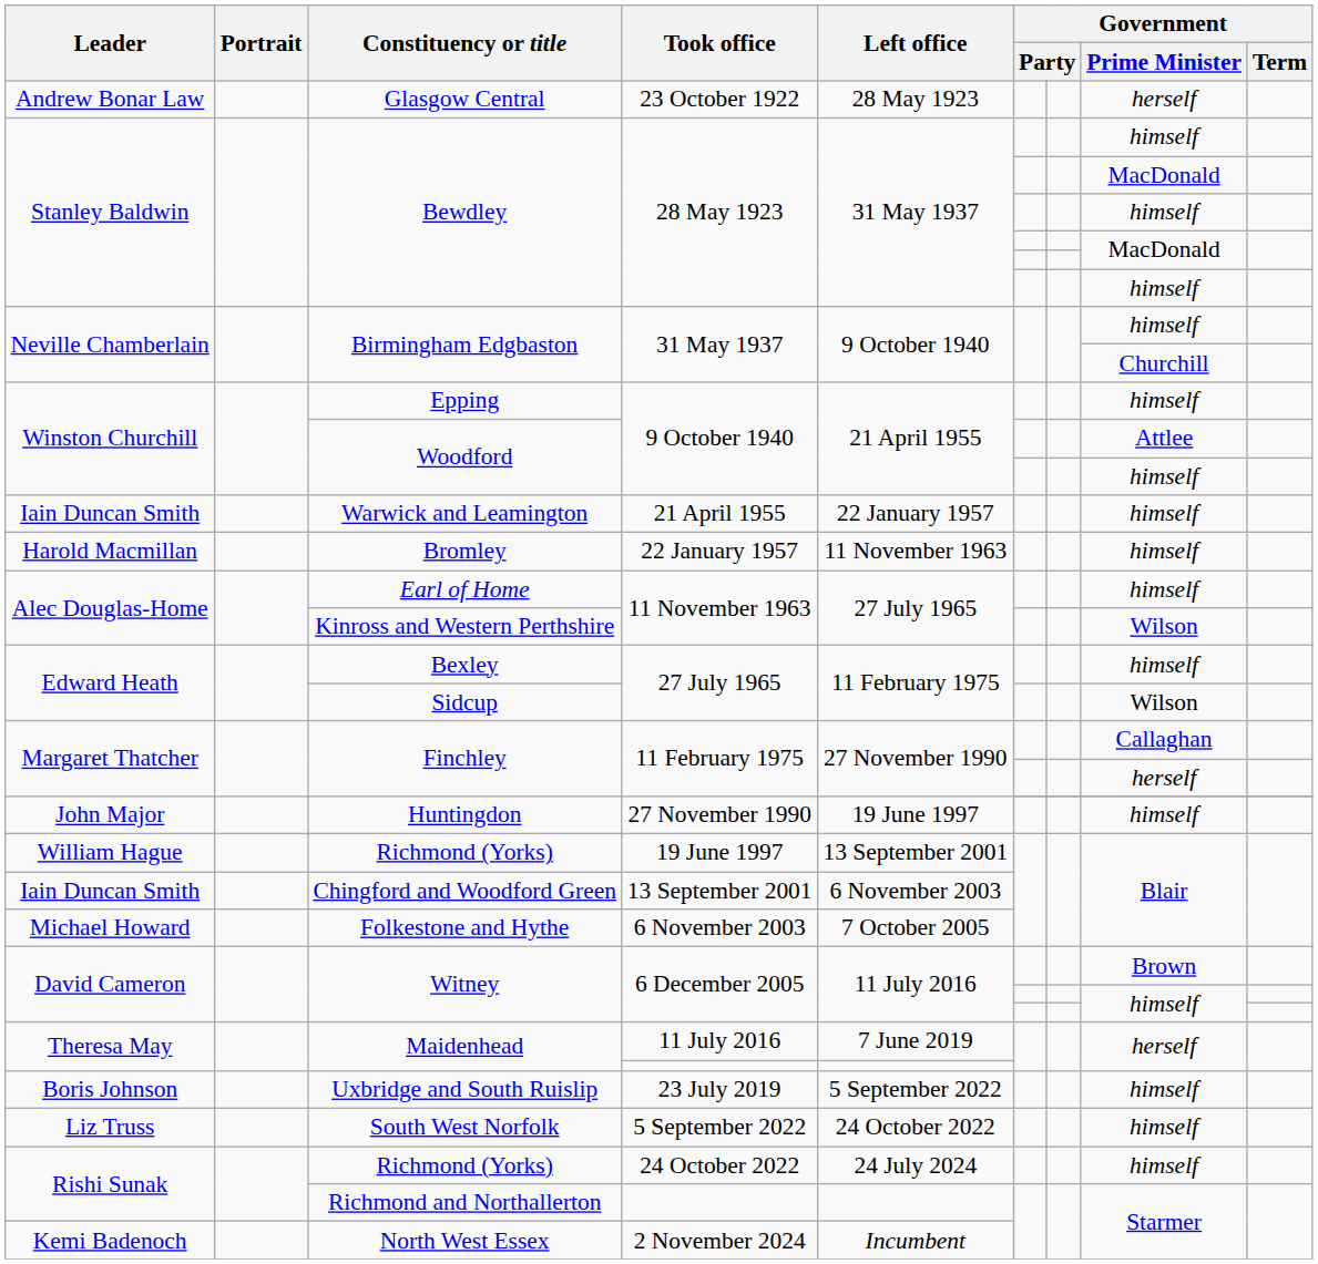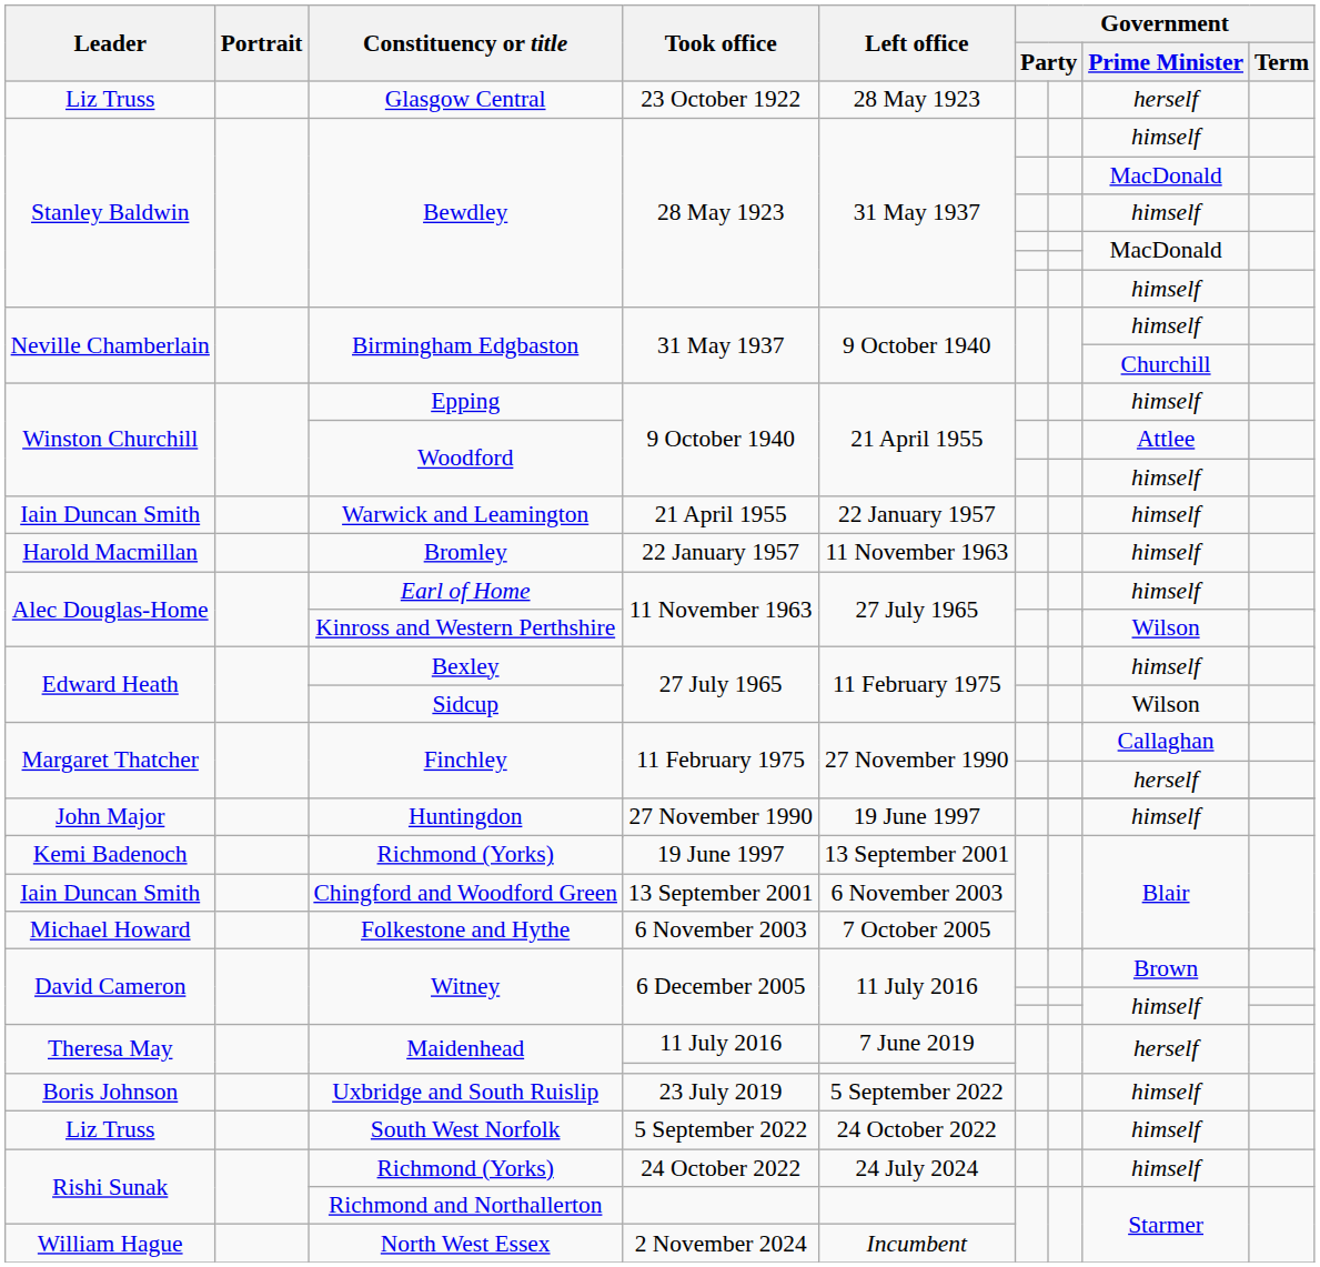 <table class="wikitable" style="text-align:center">
 <tr>
 <th rowspan="2">Leader<br></th>
 <th rowspan="2" class="unsortable">Portrait</th>
 <th rowspan="2">Constituency or <em>title</em></th>
 <th rowspan="2">Took office</th>
 <th rowspan="2">Left office</th>
 <th colspan="4">Government</th>
 </tr>
 <tr>
 <th colspan="2">Party</th>
 <th><a href='#'>Prime Minister</a></th>
 <th>Term</th>
 </tr>
 <tr>
-<td data-sort-value="Law"><a href='#'>Andrew Bonar Law</a> </td>
+<td><a href='#'>Liz Truss</a> </td>
 <td></td>
 <td data-sort-value="Glasgow"><a href='#'>Glasgow Central</a></td>
 <td>23 October 1922 </td>
 <td>28 May 1923</td>
 <td style="background-color: "></td>
 <td><a href='#'></a></td>
 <td><em>herself</em></td>
 <td></td>
 </tr>
 <tr>
 <td rowspan="6"><a href='#'>Stanley Baldwin</a> </td>
 <td rowspan="6"></td>
 <td rowspan="6"><a href='#'>Bewdley</a></td>
 <td rowspan="6">28 May 1923 </td>
 <td rowspan="6">31 May 1937</td>
 <td style="background-color: "></td>
 <td><a href='#'></a></td>
 <td><em>himself</em></td>
 <td></td>
 </tr>
 <tr>
 <td style="background-color: "></td>
 <td><a href='#'></a></td>
 <td><a href='#'>MacDonald</a></td>
 <td></td>
 </tr>
 <tr>
 <td style="background-color: "></td>
 <td><a href='#'></a></td>
 <td><em>himself</em></td>
 <td></td>
 </tr>
 <tr>
 <td style="background-color: "></td>
 <td><a href='#'></a></td>
 <td rowspan="2">MacDonald</td>
 <td rowspan="2"></td>
 </tr>
 <tr>
 <td style="background-color: "></td>
 <td><a href='#'></a></td>
 </tr>
 <tr>
 <td style="background-color: "></td>
 <td><a href='#'></a></td>
 <td><em>himself</em></td>
 <td></td>
 </tr>
 <tr>
 <td rowspan="2"><a href='#'>Neville Chamberlain</a> </td>
 <td rowspan="2"></td>
 <td rowspan="2"><a href='#'>Birmingham Edgbaston</a></td>
 <td rowspan="2">31 May 1937 </td>
 <td rowspan="2">9 October 1940</td>
 <td rowspan="2" style="background-color: "></td>
 <td rowspan="2"><a href='#'></a></td>
 <td><em>himself</em></td>
 <td></td>
 </tr>
 <tr>
 <td><a href='#'>Churchill</a></td>
 <td></td>
 </tr>
 <tr>
 <td rowspan="3"><a href='#'>Winston Churchill</a> </td>
 <td rowspan="3"></td>
 <td rowspan="1"><a href='#'>Epping</a> </td>
 <td rowspan="3">9 October 1940 </td>
 <td rowspan="3">21 April 1955</td>
 <td style="background-color: "></td>
 <td><a href='#'></a></td>
 <td><em>himself</em></td>
 <td></td>
 </tr>
 <tr>
 <td rowspan="2"><a href='#'>Woodford</a> </td>
 <td style="background-color: "></td>
 <td><a href='#'></a></td>
 <td><a href='#'>Attlee</a></td>
 <td></td>
 </tr>
 <tr>
 <td style="background-color: "></td>
 <td><a href='#'></a></td>
 <td><em>himself</em></td>
 <td></td>
 </tr>
 <tr>
 <td><a href='#'>Iain Duncan Smith</a> </td>
 <td></td>
 <td><a href='#'>Warwick and Leamington</a></td>
 <td>21 April 1955 </td>
 <td>22 January 1957</td>
 <td style="background-color: "></td>
 <td><a href='#'></a></td>
 <td><em>himself</em></td>
 <td></td>
 </tr>
 <tr>
 <td><a href='#'>Harold Macmillan</a> </td>
 <td></td>
 <td><a href='#'>Bromley</a></td>
 <td>22 January 1957 </td>
 <td>11 November 1963</td>
 <td style="background-color: "></td>
 <td><a href='#'></a></td>
 <td><em>himself</em></td>
 <td></td>
 </tr>
 <tr>
 <td rowspan="3"><a href='#'>Alec Douglas-Home</a> </td>
 <td rowspan="3"></td>
 <td rowspan="1"><em><a href='#'>Earl of Home</a></em> </td>
 <td rowspan="3">11 November 1963 </td>
 <td rowspan="3">27 July 1965</td>
 <td rowspan="2" style="background-color: "></td>
 <td rowspan="2"><a href='#'></a></td>
 <td rowspan="2"><em>himself</em></td>
 <td rowspan="2"></td>
 </tr>
 <tr>
 <td rowspan="2"><a href='#'>Kinross and Western Perthshire</a> </td>
 </tr>
 <tr>
 <td rowspan="2" style="background-color: "></td>
 <td rowspan="2"><a href='#'></a></td>
 <td rowspan="2"><a href='#'>Wilson</a></td>
 <td rowspan="2"></td>
 </tr>
 <tr>
 <td rowspan="4"><a href='#'>Edward Heath</a> </td>
 <td rowspan="4"></td>
 <td rowspan="2"><a href='#'>Bexley</a> </td>
 <td rowspan="4">27 July 1965 </td>
 <td rowspan="4">11 February 1975</td>
 </tr>
 <tr>
 <td rowspan="2" style="background-color: "></td>
 <td rowspan="2"><a href='#'></a></td>
 <td rowspan="2"><em>himself</em></td>
 <td rowspan="2"></td>
 </tr>
 <tr>
 <td rowspan="2"><a href='#'>Sidcup</a> </td>
 </tr>
 <tr>
 <td rowspan="2" style="background-color: "></td>
 <td rowspan="2"><a href='#'></a></td>
 <td rowspan="2">Wilson</td>
 <td rowspan="2"></td>
 </tr>
 <tr>
 <td rowspan="3"><a href='#'>Margaret Thatcher</a> </td>
 <td rowspan="3"></td>
 <td rowspan="3"><a href='#'>Finchley</a></td>
 <td rowspan="3">11 February 1975 </td>
 <td rowspan="3">27 November 1990</td>
 </tr>
 <tr>
 <td style="background-color: "></td>
 <td><a href='#'></a></td>
 <td><a href='#'>Callaghan</a></td>
 <td></td>
 </tr>
 <tr>
 <td style="background-color: "></td>
 <td><a href='#'></a></td>
 <td><em>herself</em></td>
 <td></td>
 </tr>
 <tr>
 <td rowspan=3><a href='#'>John Major</a> </td>
 <td rowspan=3></td>
 <td rowspan=3><a href='#'>Huntingdon</a></td>
 <td rowspan=3>27 November 1990 </td>
 <td rowspan=3>19 June 1997</td>
 </tr>
 <tr>
 <td style="background-color: "></td>
 <td><a href='#'></a></td>
 <td><em>himself</em></td>
 <td></td>
 </tr>
 <tr>
 <td rowspan="5" style="background-color: "></td>
 <td rowspan="5"><a href='#'></a></td>
 <td rowspan="5"><a href='#'>Blair</a></td>
 <td rowspan="5"></td>
 </tr>
 <tr>
-<td><a href='#'>William Hague</a> </td>
+<td><a href='#'>Kemi Badenoch</a> </td>
 <td></td>
 <td><a href='#'>Richmond (Yorks)</a></td>
 <td>19 June 1997 </td>
 <td>13 September 2001</td>
 </tr>
 <tr>
 <td><a href='#'>Iain Duncan Smith</a> </td>
 <td></td>
 <td><a href='#'>Chingford and Woodford Green</a></td>
 <td>13 September 2001 </td>
 <td>6 November 2003</td>
 </tr>
 <tr>
 <td><a href='#'>Michael Howard</a> </td>
 <td></td>
 <td><a href='#'>Folkestone and Hythe</a></td>
 <td>6 November 2003 </td>
 <td>7 October 2005</td>
 </tr>
 <tr>
 <td rowspan="4"><a href='#'>David Cameron</a> </td>
 <td rowspan="4"></td>
 <td rowspan="4"><a href='#'>Witney</a></td>
 <td rowspan="4">6 December 2005 </td>
 <td rowspan="4">11 July 2016</td>
 </tr>
 <tr>
 <td style="background-color: "></td>
 <td><a href='#'></a></td>
 <td><a href='#'>Brown</a></td>
 <td></td>
 </tr>
 <tr>
 <td style="background-color: "></td>
 <td><a href='#'></a></td>
 <td rowspan="2"><em>himself</em></td>
 <td></td>
 </tr>
 <tr>
 <td style="background-color: "></td>
 <td><a href='#'></a></td>
 <td></td>
 </tr>
 <tr>
 <td rowspan="2"><a href='#'>Theresa May</a> </td>
 <td rowspan="2"></td>
 <td rowspan="2"><a href='#'>Maidenhead</a></td>
 <td rowspan="1">11 July 2016 </td>
 <td rowspan="1">7 June 2019</td>
 <td rowspan="2" style="background-color: "></td>
 <td rowspan="2"><a href='#'></a></td>
 <td rowspan="2"><em>herself</em></td>
 <td rowspan="2"></td>
 </tr>
 <tr>
 <td rowspan="1"> </td>
 <td rowspan="1"></td>
 </tr>
 <tr>
 <td><a href='#'>Boris Johnson</a> </td>
 <td></td>
 <td><a href='#'>Uxbridge and South Ruislip</a></td>
 <td>23 July 2019 </td>
 <td>5 September 2022</td>
 <td style="background-color: "></td>
 <td><a href='#'></a></td>
 <td><em>himself</em></td>
 <td></td>
 </tr>
 <tr>
 <td><a href='#'>Liz Truss</a> </td>
 <td></td>
 <td><a href='#'>South West Norfolk</a></td>
 <td>5 September 2022 </td>
 <td>24 October 2022</td>
 <td style="background-color: "></td>
 <td><a href='#'></a></td>
 <td><em>himself</em></td>
 <td></td>
 </tr>
 <tr>
 <td rowspan="2"><a href='#'>Rishi Sunak</a> </td>
 <td rowspan="2"></td>
 <td><a href='#'>Richmond (Yorks)</a><br></td>
 <td>24 October 2022 </td>
 <td>24 July 2024</td>
 <td style="background-color: "></td>
 <td><a href='#'></a></td>
 <td><em>himself</em></td>
 <td></td>
 </tr>
 <tr>
 <td><a href='#'>Richmond and Northallerton</a><br></td>
 <td> </td>
 <td></td>
 <td rowspan="2" style="background-color: "></td>
 <td rowspan="2"><a href='#'></a></td>
 <td rowspan="2"><a href='#'>Starmer</a></td>
 <td rowspan="2"></td>
 </tr>
 <tr>
-<td><a href='#'>Kemi Badenoch</a> </td>
+<td><a href='#'>William Hague</a> </td>
 <td></td>
 <td><a href='#'>North West Essex</a></td>
 <td>2 November 2024 </td>
 <td><em>Incumbent</em></td>
 </tr>
 </table>
